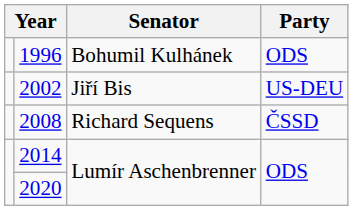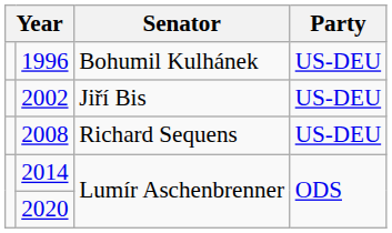 <table class="wikitable">
 <tr>
 <th colspan="2">Year</th>
 <th>Senator</th>
 <th>Party</th>
 </tr>
 <tr>
 <td style="background-color:"></td>
 <td><a href='#'>1996</a></td>
 <td>Bohumil Kulhánek</td>
-<td><a href='#'>ODS</a></td>
+<td><a href='#'>US-DEU</a></td>
 </tr>
 <tr>
 <td style="background-color:"></td>
 <td><a href='#'>2002</a></td>
 <td>Jiří Bis</td>
 <td><a href='#'>US-DEU</a></td>
 </tr>
 <tr>
 <td style="background-color:"></td>
 <td><a href='#'>2008</a></td>
 <td>Richard Sequens</td>
-<td><a href='#'>ČSSD</a></td>
+<td><a href='#'>US-DEU</a></td>
 </tr>
 <tr>
 <td rowspan="2" style="background-color:"></td>
 <td><a href='#'>2014</a></td>
 <td rowspan="2">Lumír Aschenbrenner</td>
 <td rowspan="2"><a href='#'>ODS</a></td>
 </tr>
 <tr>
 <td><a href='#'>2020</a></td>
 </tr>
 </table>
